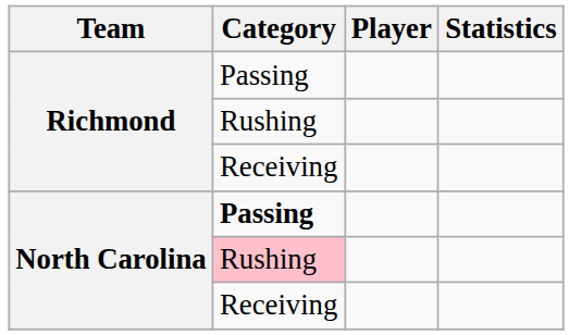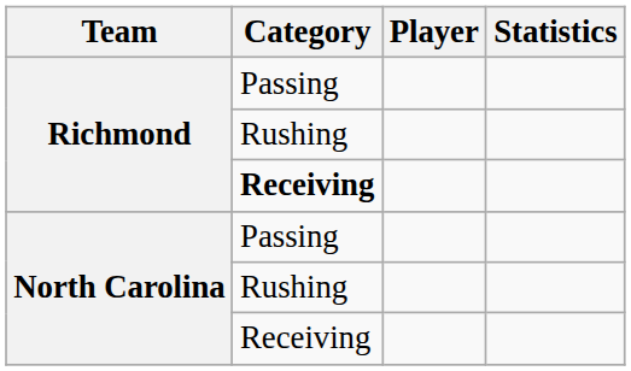 <table class="wikitable" style="float:right">
 <tr>
 <th>Team</th>
 <th>Category</th>
 <th>Player</th>
 <th>Statistics</th>
 </tr>
 <tr>
 <th rowspan=3>Richmond</th>
 <td>Passing</td>
 <td></td>
 <td></td>
 </tr>
 <tr>
 <td>Rushing</td>
 <td></td>
 <td></td>
 </tr>
 <tr>
-<td>Receiving</td>
+<td><strong>Receiving</strong></td>
 <td></td>
 <td></td>
 </tr>
 <tr>
 <th rowspan=3>North Carolina</th>
-<td><strong>Passing</strong></td>
+<td>Passing</td>
 <td></td>
 <td></td>
 </tr>
 <tr>
-<td style="background: pink;">Rushing</td>
+<td>Rushing</td>
 <td></td>
 <td></td>
 </tr>
 <tr>
 <td>Receiving</td>
 <td></td>
 <td></td>
 </tr>
 </table>
